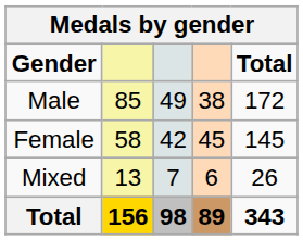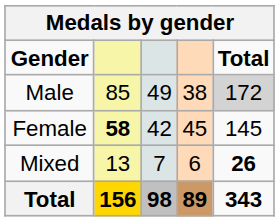 <table class="wikitable" style="font-size:85%; float:right">
 <tr align=center>
 <th colspan=5>Medals by gender</th>
 </tr>
 <tr align=center>
 <td><strong>Gender</strong></td>
 <td bgcolor=#f7f6a8></td>
 <td bgcolor=#dce5e5></td>
 <td bgcolor=#ffdab9></td>
 <td><strong>Total</strong></td>
 </tr>
 <tr align=center>
 <td>Male</td>
 <td style="background:#F7F6A8;">85</td>
 <td style="background:#DCE5E5;">49</td>
 <td style="background:#FFDAB9;">38</td>
-<td>172</td>
+<td style="background: lightgrey;">172</td>
 </tr>
 <tr align=center>
 <td>Female</td>
-<td style="background:#F7F6A8;">58</td>
+<td style="background:#F7F6A8;"><strong>58</strong></td>
 <td style="background:#DCE5E5;">42</td>
 <td style="background:#FFDAB9;">45</td>
 <td>145</td>
 </tr>
 <tr align=center>
 <td>Mixed</td>
 <td style="background:#F7F6A8;">13</td>
 <td style="background:#DCE5E5;">7</td>
 <td style="background:#FFDAB9;">6</td>
-<td>26</td>
+<td><strong>26</strong></td>
 </tr>
 <tr align=center>
 <th><strong>Total</strong></th>
 <th style="background:gold;"><strong>156</strong></th>
 <th style="background:silver;"><strong>98</strong></th>
 <th style="background:#c96;"><strong>89</strong></th>
 <td><strong>343</strong></td>
 </tr>
 </table>
